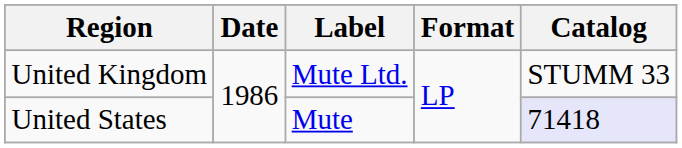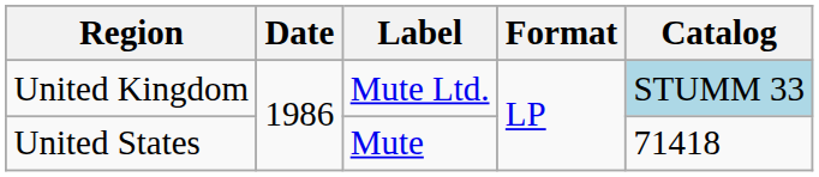 <table class="wikitable">
 <tr>
 <th>Region</th>
 <th>Date</th>
 <th>Label</th>
 <th>Format</th>
 <th>Catalog</th>
 </tr>
 <tr>
 <td>United Kingdom</td>
 <td rowspan="2">1986</td>
 <td><a href='#'>Mute Ltd.</a></td>
 <td rowspan="2"><a href='#'>LP</a></td>
-<td>STUMM 33</td>
+<td style="background: lightblue;">STUMM 33</td>
 </tr>
 <tr>
 <td>United States</td>
 <td><a href='#'>Mute</a></td>
-<td style="background: lavender;">71418</td>
+<td>71418</td>
 </tr>
 </table>
